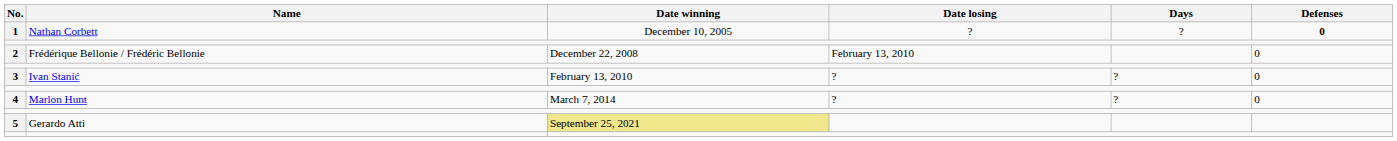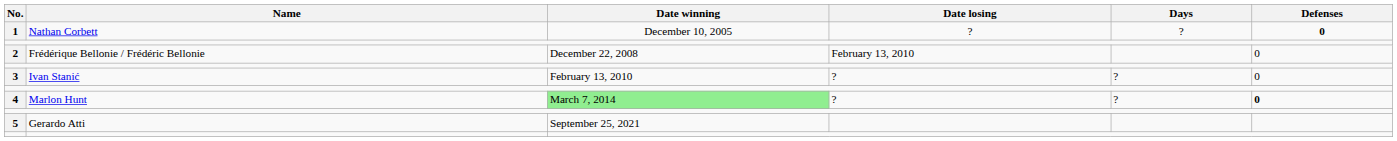 <table class="wikitable" width=100%>
 <tr>
 <th style="width:1%;">No.</th>
 <th style="width:37%;">Name</th>
 <th style="width:20%;">Date winning</th>
 <th style="width:20%;">Date losing</th>
 <th data-sort-type="number" style="width:10%;">Days</th>
 <th data-sort-type="number" style="width:10%;">Defenses</th>
 </tr>
 <tr align=center>
 <th>1</th>
 <td align=left> <a href='#'>Nathan Corbett</a></td>
 <td>December 10, 2005</td>
 <td>?</td>
 <td>?</td>
 <td><strong>0</strong></td>
 </tr>
 <tr>
 <td colspan="6"></td>
 </tr>
 <tr>
 <th>2</th>
 <td align=left> Frédérique Bellonie / Frédéric Bellonie</td>
 <td>December 22, 2008</td>
 <td>February 13, 2010</td>
 <td></td>
 <td>0</td>
 </tr>
 <tr>
 <td colspan="6"></td>
 </tr>
 <tr>
 <th>3</th>
 <td align=left> <a href='#'>Ivan Stanić</a></td>
 <td>February 13, 2010</td>
 <td>?</td>
 <td>?</td>
 <td>0</td>
 </tr>
 <tr>
 <td colspan="6"></td>
 </tr>
 <tr>
 <th>4</th>
 <td align=left> <a href='#'>Marlon Hunt</a></td>
-<td>March 7, 2014</td>
+<td style="background: lightgreen;">March 7, 2014</td>
 <td>?</td>
 <td>?</td>
-<td>0</td>
+<td><strong>0</strong></td>
 </tr>
 <tr>
 <td colspan="6"></td>
 </tr>
 <tr>
 <th>5</th>
 <td align=left> Gerardo Atti</td>
-<td style="background: khaki;">September 25, 2021</td>
+<td>September 25, 2021</td>
 <td></td>
 <td></td>
 <td></td>
 </tr>
 <tr>
 <td></td>
 <td></td>
 </tr>
 </table>
